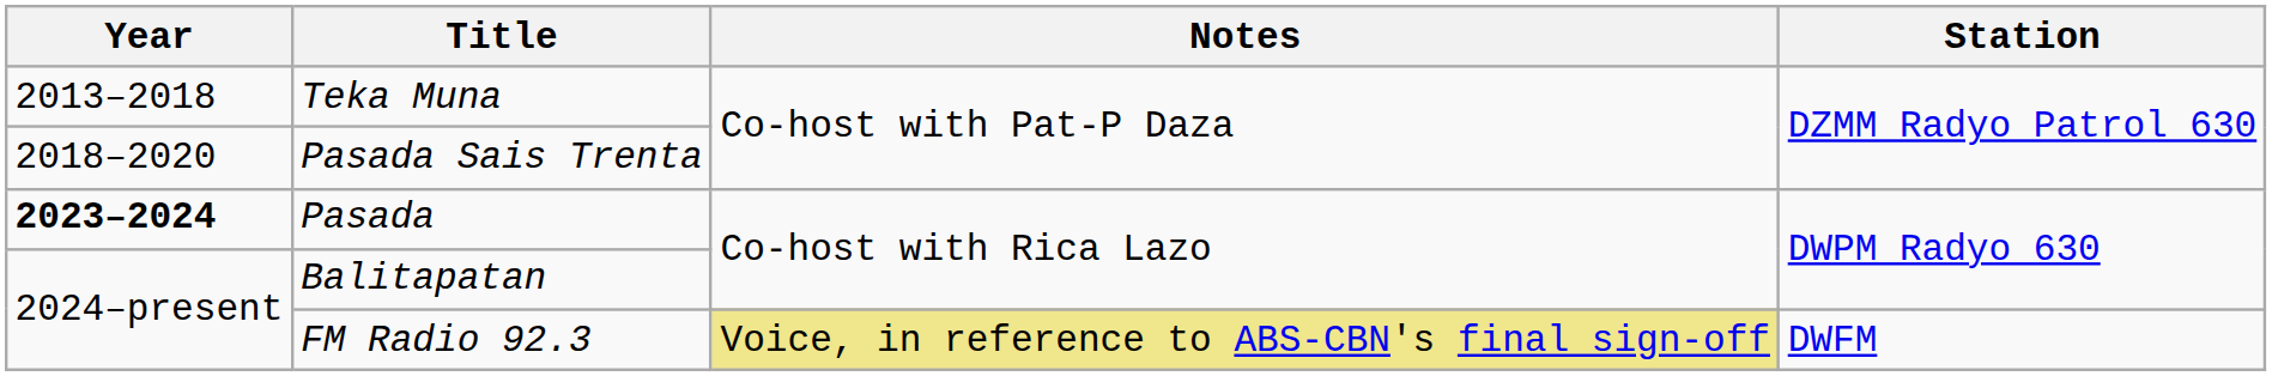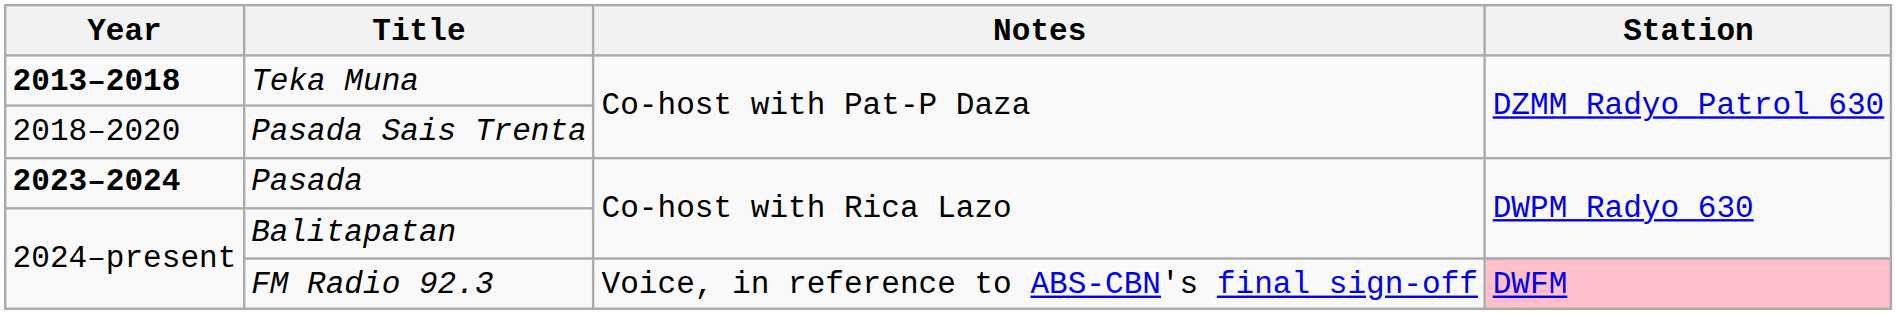 <table class="wikitable">
 <tr>
 <th>Year</th>
 <th>Title</th>
 <th>Notes</th>
 <th>Station</th>
 </tr>
 <tr>
-<td>2013–2018</td>
+<td><strong>2013–2018</strong></td>
 <td><em>Teka Muna</em></td>
 <td rowspan="2">Co-host with Pat-P Daza</td>
 <td rowspan="2"><a href='#'>DZMM Radyo Patrol 630</a></td>
 </tr>
 <tr>
 <td>2018–2020</td>
 <td><em>Pasada Sais Trenta</em></td>
 </tr>
 <tr>
 <td><strong>2023–2024</strong></td>
 <td><em>Pasada</em></td>
 <td rowspan="2">Co-host with Rica Lazo</td>
 <td rowspan="2"><a href='#'>DWPM Radyo 630</a></td>
 </tr>
 <tr>
 <td rowspan="2">2024–present</td>
 <td><em>Balitapatan</em></td>
 </tr>
 <tr>
 <td><em>FM Radio 92.3</em></td>
-<td style="background: khaki;">Voice, in reference to <a href='#'>ABS-CBN</a>'s <a href='#'>final sign-off</a></td>
-<td><a href='#'>DWFM</a></td>
+<td>Voice, in reference to <a href='#'>ABS-CBN</a>'s <a href='#'>final sign-off</a></td>
+<td style="background: pink;"><a href='#'>DWFM</a></td>
 </tr>
 </table>
